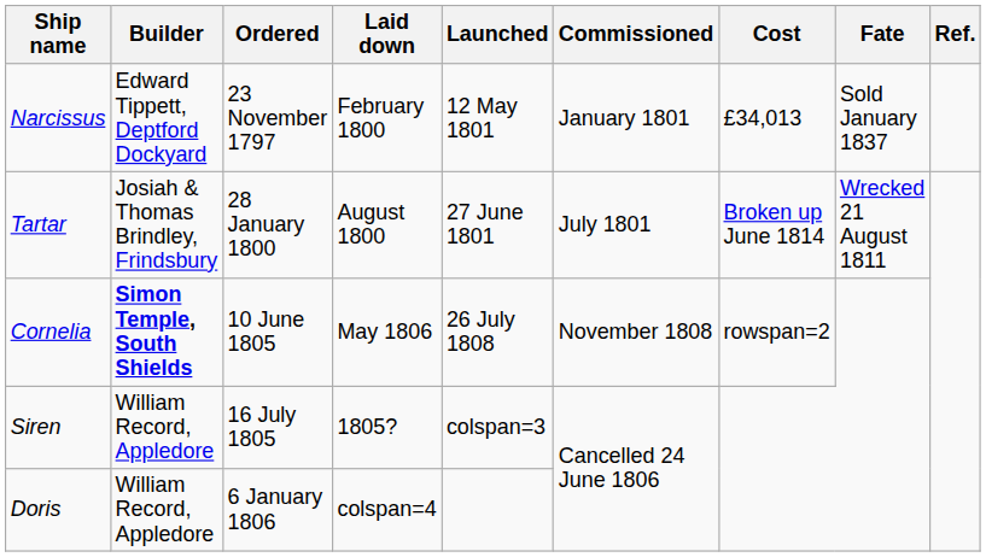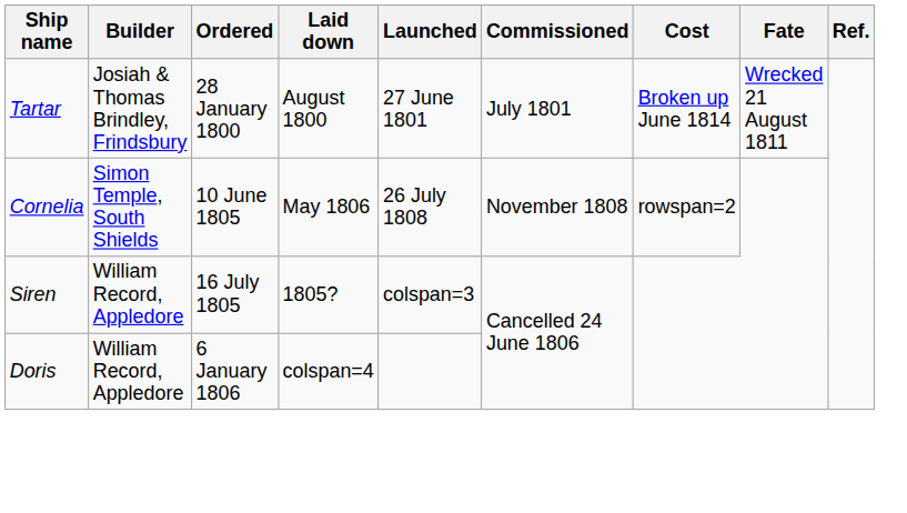 <table class="wikitable">
 <tr>
 <th>Ship name</th>
 <th>Builder</th>
 <th>Ordered</th>
 <th>Laid down</th>
 <th>Launched</th>
 <th scope="col" style="width:106px;">Commissioned</th>
 <th>Cost</th>
 <th>Fate</th>
 <th>Ref.</th>
-</tr>
-<tr>
-<td><a href='#'><em>Narcissus</em></a></td>
-<td>Edward Tippett, <a href='#'>Deptford Dockyard</a></td>
-<td>23 November 1797</td>
-<td>February 1800</td>
-<td>12 May 1801</td>
-<td>January 1801</td>
-<td>£34,013</td>
-<td>Sold January 1837</td>
-<td></td>
 </tr>
 <tr>
 <td><a href='#'><em>Tartar</em></a></td>
 <td>Josiah & Thomas Brindley, <a href='#'>Frindsbury</a></td>
 <td>28 January 1800</td>
 <td>August 1800</td>
 <td>27 June 1801</td>
 <td>July 1801</td>
 <td><a href='#'>Broken up</a> June 1814</td>
 <td><a href='#'>Wrecked</a> 21 August 1811</td>
 <td rowspan=4></td>
 </tr>
 <tr>
 <td><a href='#'><em>Cornelia</em></a></td>
-<td><strong><a href='#'>Simon Temple</a>, <a href='#'>South Shields</a></strong></td>
+<td><a href='#'>Simon Temple</a>, <a href='#'>South Shields</a></td>
 <td>10 June 1805</td>
 <td>May 1806</td>
 <td>26 July 1808</td>
 <td>November 1808</td>
 <td>rowspan=2 </td>
 </tr>
 <tr>
 <td><em>Siren</em></td>
 <td>William Record, <a href='#'>Appledore</a></td>
 <td>16 July 1805</td>
 <td>1805?</td>
 <td>colspan=3 </td>
 <td rowspan=2>Cancelled 24 June 1806</td>
 </tr>
 <tr>
 <td><em>Doris</em></td>
 <td>William Record, Appledore</td>
 <td>6 January 1806</td>
 <td>colspan=4 </td>
 </tr>
 </table>
